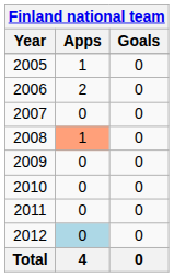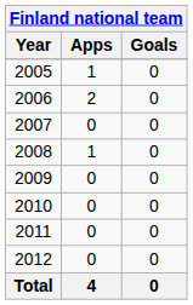 <table class="wikitable" style="text-align:center">
 <tr>
 <th colspan=3><a href='#'>Finland national team</a></th>
 </tr>
 <tr>
 <th>Year</th>
 <th>Apps</th>
 <th>Goals</th>
 </tr>
 <tr>
 </tr>
 <tr>
 <td>2005</td>
 <td>1</td>
 <td>0</td>
 </tr>
 <tr>
 <td>2006</td>
 <td>2</td>
 <td>0</td>
 </tr>
 <tr>
 <td>2007</td>
 <td>0</td>
 <td>0</td>
 </tr>
 <tr>
 <td>2008</td>
-<td style="background: lightsalmon;">1</td>
+<td>1</td>
 <td>0</td>
 </tr>
 <tr>
 <td>2009</td>
 <td>0</td>
 <td>0</td>
 </tr>
 <tr>
 <td>2010</td>
 <td>0</td>
 <td>0</td>
 </tr>
 <tr>
 <td>2011</td>
 <td>0</td>
 <td>0</td>
 </tr>
 <tr>
 <td>2012</td>
-<td style="background: lightblue;">0</td>
+<td>0</td>
 <td>0</td>
 </tr>
 <tr>
 <th>Total</th>
 <th>4</th>
 <th>0</th>
 </tr>
 </table>
